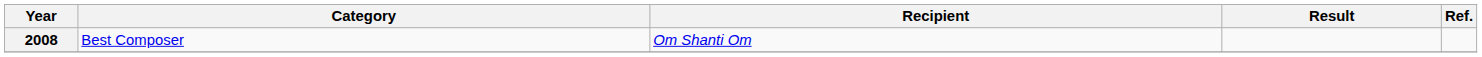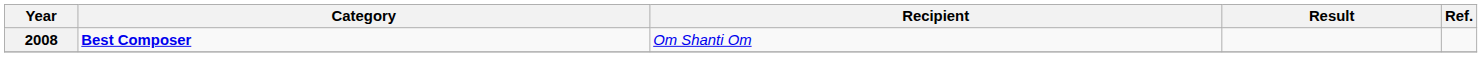 <table class="wikitable plainrowheaders" width="100%" "textcolor:#000;">
 <tr>
 <th scope="col" width=5%><strong>Year</strong></th>
 <th scope="col" width=39%><strong>Category</strong></th>
 <th scope="col" width=39%><strong>Recipient</strong></th>
 <th scope="col" width=15%><strong>Result</strong></th>
 <th scope="col" width=2%><strong>Ref.</strong></th>
 </tr>
 <tr>
 <th scope="row">2008</th>
-<td><a href='#'>Best Composer</a></td>
+<td><strong><a href='#'>Best Composer</a></strong></td>
 <td><em><a href='#'>Om Shanti Om</a></em></td>
 <td></td>
 <td></td>
 </tr>
 <tr>
 </tr>
 </table>
